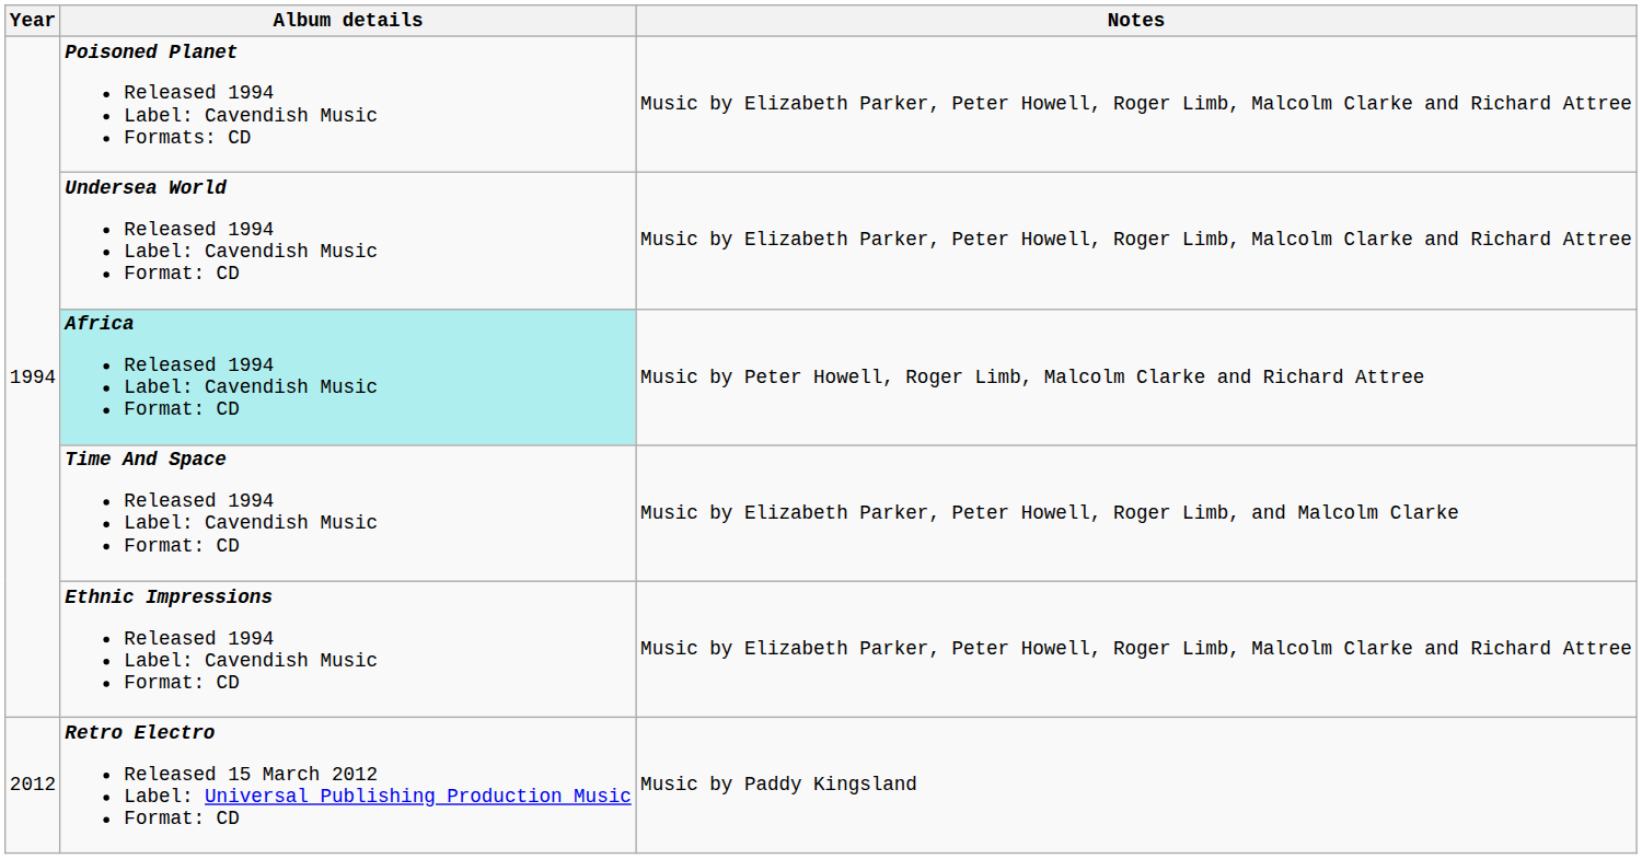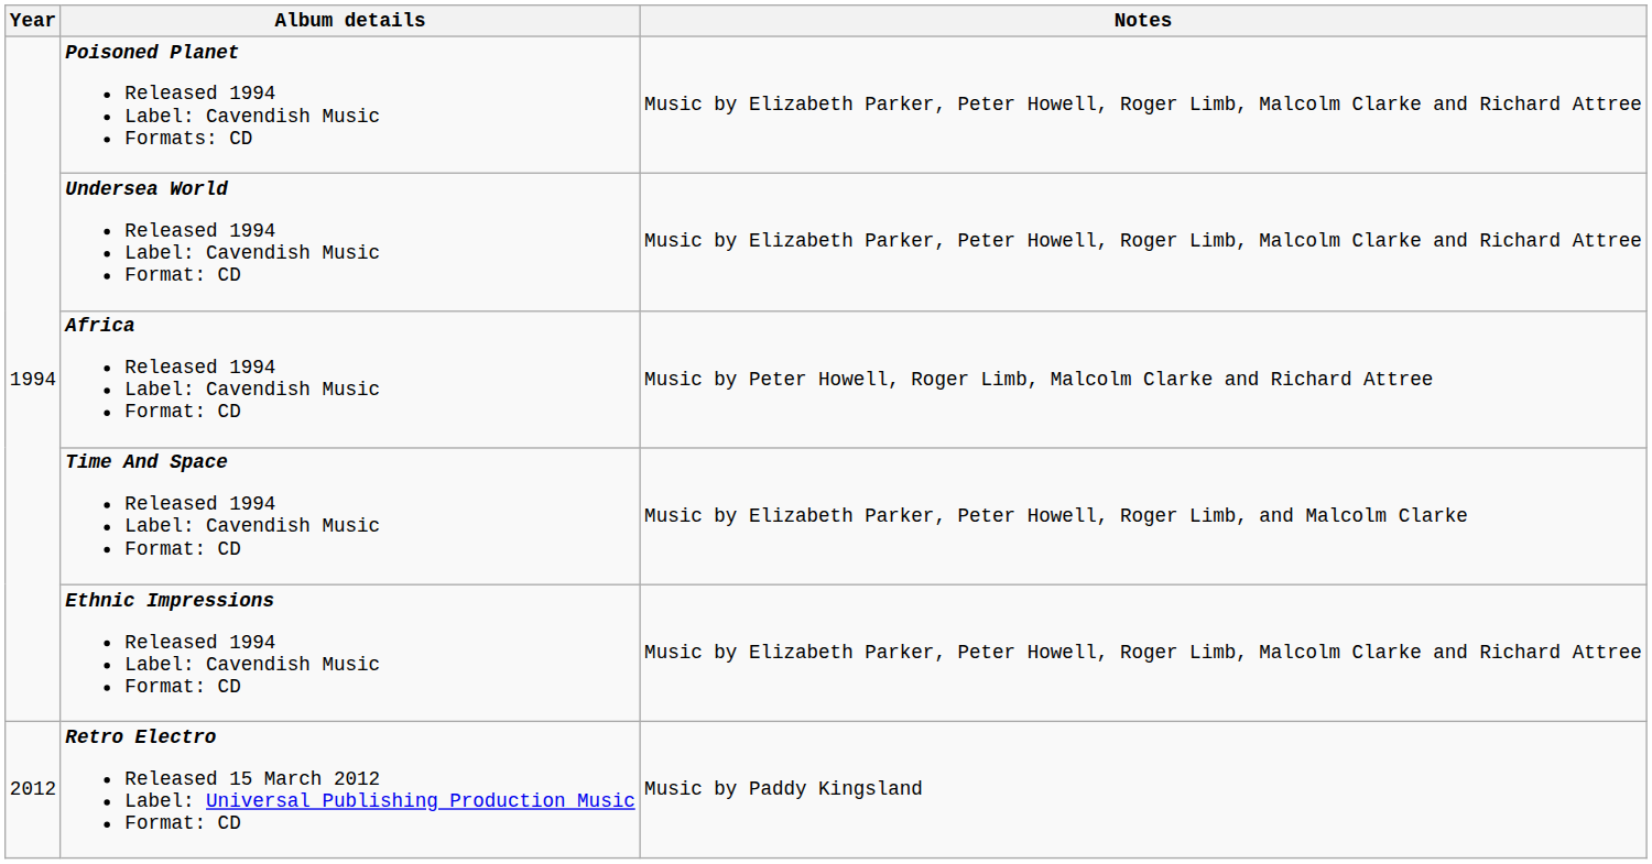 <table class="wikitable">
 <tr>
 <th>Year</th>
 <th>Album details</th>
 <th>Notes</th>
 </tr>
 <tr>
 <td rowspan="5">1994</td>
 <td><strong><em>Poisoned Planet</em></strong><br><ul><li>Released 1994</li><li>Label: Cavendish Music </li><li>Formats: CD</li></ul></td>
 <td>Music by Elizabeth Parker, Peter Howell, Roger Limb, Malcolm Clarke and Richard Attree</td>
 </tr>
 <tr>
 <td><strong><em>Undersea World</em></strong><br><ul><li>Released 1994</li><li>Label: Cavendish Music </li><li>Format: CD</li></ul></td>
 <td>Music by Elizabeth Parker, Peter Howell, Roger Limb, Malcolm Clarke and Richard Attree</td>
 </tr>
 <tr>
-<td style="background: paleturquoise;"><strong><em>Africa</em></strong><br><ul><li>Released 1994</li><li>Label: Cavendish Music </li><li>Format: CD</li></ul></td>
+<td><strong><em>Africa</em></strong><br><ul><li>Released 1994</li><li>Label: Cavendish Music </li><li>Format: CD</li></ul></td>
 <td>Music by Peter Howell, Roger Limb, Malcolm Clarke and Richard Attree</td>
 </tr>
 <tr>
 <td><strong><em>Time And Space</em></strong><br><ul><li>Released 1994</li><li>Label: Cavendish Music </li><li>Format: CD</li></ul></td>
 <td>Music by Elizabeth Parker, Peter Howell, Roger Limb, and Malcolm Clarke</td>
 </tr>
 <tr>
 <td><strong><em>Ethnic Impressions</em></strong><br><ul><li>Released 1994</li><li>Label: Cavendish Music </li><li>Format: CD</li></ul></td>
 <td>Music by Elizabeth Parker, Peter Howell, Roger Limb, Malcolm Clarke and Richard Attree</td>
 </tr>
 <tr>
 <td>2012</td>
 <td><strong><em>Retro Electro</em></strong><br><ul><li>Released 15 March 2012</li><li>Label: <a href='#'>Universal Publishing Production Music</a> </li><li>Format: CD</li></ul></td>
 <td>Music by Paddy Kingsland</td>
 </tr>
 </table>
